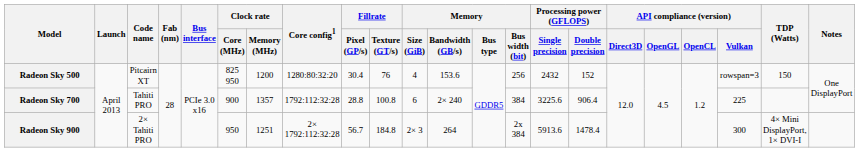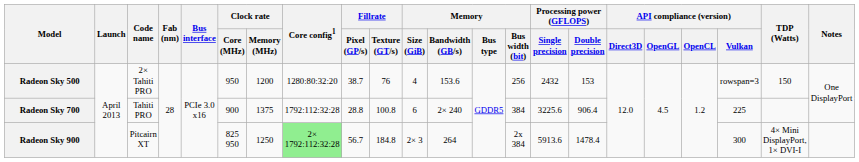 <table class="mw-datatable wikitable sortable sort-under" style="font-size: 80%; text-align:center;">
 <tr>
 <th rowspan="2" style="width:12em">Model</th>
 <th rowspan="2">Launch</th>
 <th rowspan="2">Code name</th>
 <th rowspan="2">Fab (nm)</th>
 <th rowspan="2"><a href='#'>Bus interface</a></th>
 <th colspan="2">Clock rate</th>
 <th rowspan="2">Core config<sup>1</sup></th>
 <th colspan="2"><a href='#'>Fillrate</a></th>
 <th colspan="4">Memory</th>
 <th colspan="2">Processing power<br>(<a href='#'>GFLOPS</a>)</th>
 <th colspan="4"><a href='#'>API</a> compliance (version)</th>
 <th rowspan="2">TDP (Watts)</th>
 <th rowspan="2">Notes</th>
 </tr>
 <tr>
 <th>Core (MHz)</th>
 <th>Memory (MHz)</th>
 <th>Pixel (<a href='#'>GP</a>/s)</th>
 <th>Texture (<a href='#'>GT</a>/s)</th>
 <th>Size (<a href='#'>GiB</a>)</th>
 <th>Bandwidth (<a href='#'>GB</a>/s)</th>
 <th>Bus type</th>
 <th>Bus width (<a href='#'>bit</a>)</th>
 <th><a href='#'>Single precision</a></th>
 <th><a href='#'>Double precision</a></th>
 <th><a href='#'>Direct3D</a></th>
 <th><a href='#'>OpenGL</a></th>
 <th><a href='#'>OpenCL</a></th>
 <th><a href='#'>Vulkan</a></th>
 </tr>
 <tr>
 <th>Radeon Sky 500</th>
 <td rowspan="3">April<br>2013</td>
-<td>Pitcairn XT</td>
+<td>2× Tahiti PRO</td>
 <td rowspan="3">28</td>
 <td rowspan="3">PCIe 3.0 x16</td>
-<td>825 950</td>
+<td>950</td>
 <td>1200</td>
 <td>1280:80:32:20</td>
-<td>30.4</td>
+<td>38.7</td>
 <td>76</td>
 <td>4</td>
 <td>153.6</td>
 <td rowspan="3"><a href='#'>GDDR5</a></td>
 <td>256</td>
 <td>2432</td>
-<td>152</td>
+<td>153</td>
 <td rowspan="3">12.0</td>
 <td rowspan="3">4.5</td>
 <td rowspan="3">1.2</td>
 <td>rowspan=3 </td>
 <td>150</td>
 <td rowspan="2">One DisplayPort</td>
 </tr>
 <tr>
 <th>Radeon Sky 700</th>
 <td>Tahiti PRO</td>
 <td>900</td>
-<td>1357</td>
+<td>1375</td>
 <td>1792:112:32:28</td>
 <td>28.8</td>
 <td>100.8</td>
 <td>6</td>
 <td>2× 240</td>
 <td>384</td>
 <td>3225.6</td>
 <td>906.4</td>
 <td>225</td>
 </tr>
 <tr>
 <th>Radeon Sky 900</th>
-<td>2× Tahiti PRO</td>
-<td>950</td>
-<td>1251</td>
-<td>2× 1792:112:32:28</td>
+<td>Pitcairn XT</td>
+<td>825 950</td>
+<td>1250</td>
+<td style="background: lightgreen;">2× 1792:112:32:28</td>
 <td>56.7</td>
 <td>184.8</td>
 <td>2× 3</td>
 <td>264</td>
 <td>2x 384</td>
 <td>5913.6</td>
 <td>1478.4</td>
 <td>300</td>
 <td>4× Mini DisplayPort, 1× DVI-I</td>
 </tr>
 </table>
